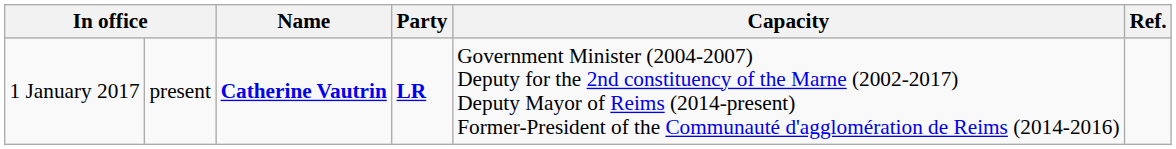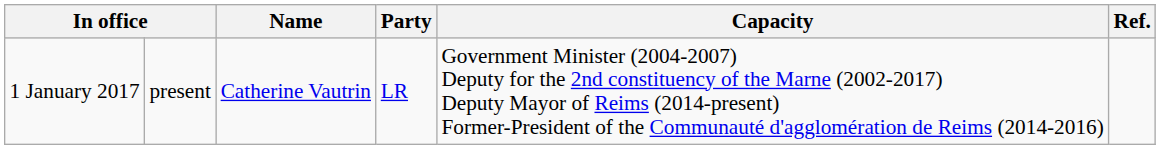 <table class="wikitable">
 <tr>
 <th colspan="2">In office</th>
 <th>Name</th>
 <th>Party</th>
 <th>Capacity</th>
 <th>Ref.</th>
 </tr>
 <tr>
 <td>1 January 20<span></span>17</td>
 <td>present</td>
-<td><strong><a href='#'>Catherine Vautrin</a></strong></td>
-<td><strong><a href='#'>LR</a></strong></td>
+<td><a href='#'>Catherine Vautrin</a></td>
+<td><a href='#'>LR</a></td>
 <td>Government Minister (2004-2007)<br>Deputy for the <a href='#'>2nd constituency of the Marne</a> (2002-2017)<br>Deputy Mayor of <a href='#'>Reims</a> (2014-present)<br>Former-President of the <a href='#'>Communauté d'agglomération de Reims</a> (2014-2016)</td>
 <td></td>
 </tr>
 </table>
